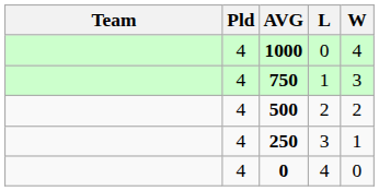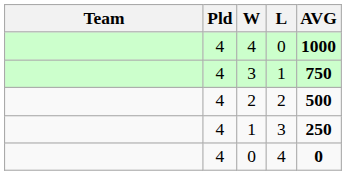 <table class="wikitable" style="text-align:center;">
 <tr>
 <th width=175>Team</th>
 <th width=20 abbr="Played">Pld</th>
+<th width=20 abbr="Won">W</th>
+<th width=20 abbr="Lost">L</th>
 <th width=30 abbr="Average">AVG</th>
-<th width=20 abbr="Lost">L</th>
-<th width=20 abbr="Won">W</th>
 </tr>
 <tr style="background:#ccffcc">
 <td align=left></td>
 <td>4</td>
+<td>4</td>
+<td>0</td>
 <td><strong>1000</strong></td>
-<td>0</td>
-<td>4</td>
 </tr>
 <tr style="background:#ccffcc">
 <td align=left></td>
 <td>4</td>
+<td>3</td>
+<td>1</td>
 <td><strong>750</strong></td>
-<td>1</td>
-<td>3</td>
 </tr>
 <tr>
 <td align=left></td>
 <td>4</td>
-<td><strong>500</strong></td>
 <td>2</td>
 <td>2</td>
+<td><strong>500</strong></td>
 </tr>
 <tr>
 <td align=left></td>
 <td>4</td>
+<td>1</td>
+<td>3</td>
 <td><strong>250</strong></td>
-<td>3</td>
-<td>1</td>
 </tr>
 <tr>
 <td align=left></td>
 <td>4</td>
+<td>0</td>
+<td>4</td>
 <td><strong>0</strong></td>
-<td>4</td>
-<td>0</td>
 </tr>
 </table>
